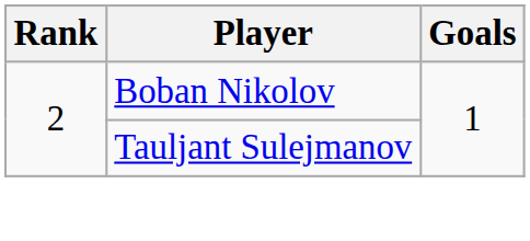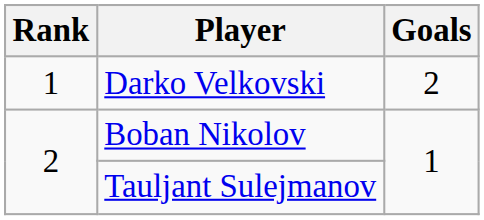 <table class="wikitable">
 <tr>
 <th>Rank</th>
 <th>Player</th>
 <th>Goals</th>
+</tr>
+<tr>
+<td align=center>1</td>
+<td><a href='#'>Darko Velkovski</a></td>
+<td align=center>2</td>
 </tr>
 <tr>
 <td align=center rowspan=2>2</td>
 <td><a href='#'>Boban Nikolov</a></td>
 <td align=center rowspan=2>1</td>
 </tr>
 <tr>
 <td><a href='#'>Tauljant Sulejmanov</a></td>
 </tr>
 </table>
